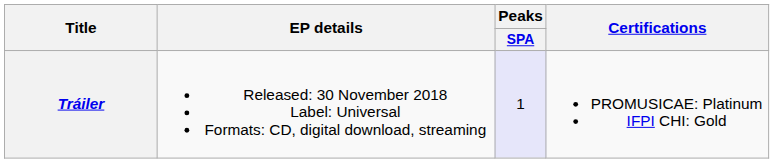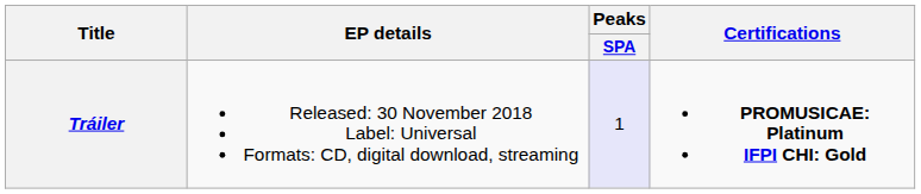 <table class="wikitable plainrowheaders" style="text-align:center;">
 <tr>
 <th scope="col" rowspan="2" style="width:9.5em;">Title</th>
 <th scope="col" rowspan="2" style="width:21.5em;">EP details</th>
 <th scope="col">Peaks</th>
 <th scope="col" rowspan="2" style="width:14em;"><a href='#'>Certifications</a></th>
 </tr>
 <tr>
 <th scope="col" style="width:3em;font-size:90%;"><a href='#'>SPA</a><br></th>
 </tr>
 <tr>
 <th scope="row"><em><a href='#'>Tráiler</a></em></th>
 <td><br><ul><li>Released: 30 November 2018</li><li>Label: Universal</li><li>Formats: CD, digital download, streaming</li></ul></td>
 <td style="background: lavender;">1</td>
-<td><br><ul><li>PROMUSICAE: Platinum</li><li><a href='#'>IFPI</a> CHI: Gold</li></ul></td>
+<td><strong><br><ul><li>PROMUSICAE: Platinum</li><li><a href='#'>IFPI</a> CHI: Gold</li></ul></strong></td>
 </tr>
 </table>
